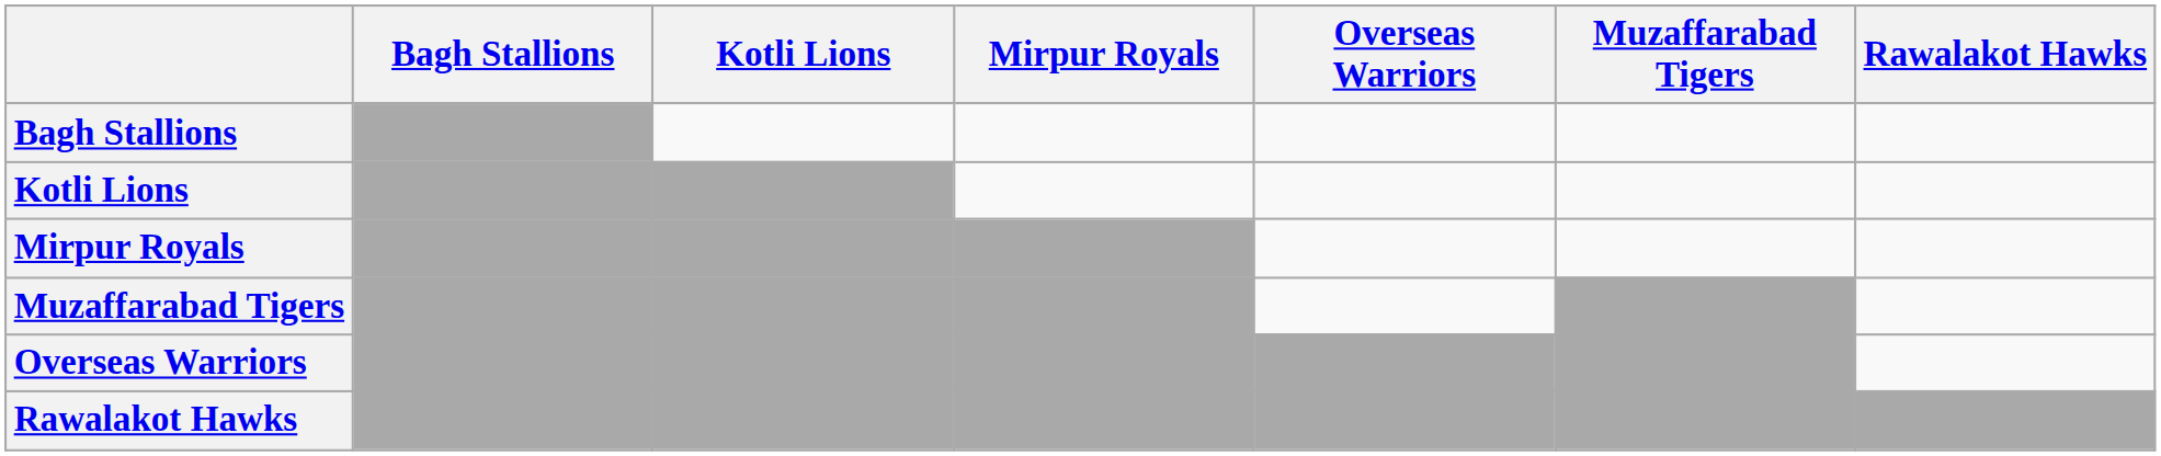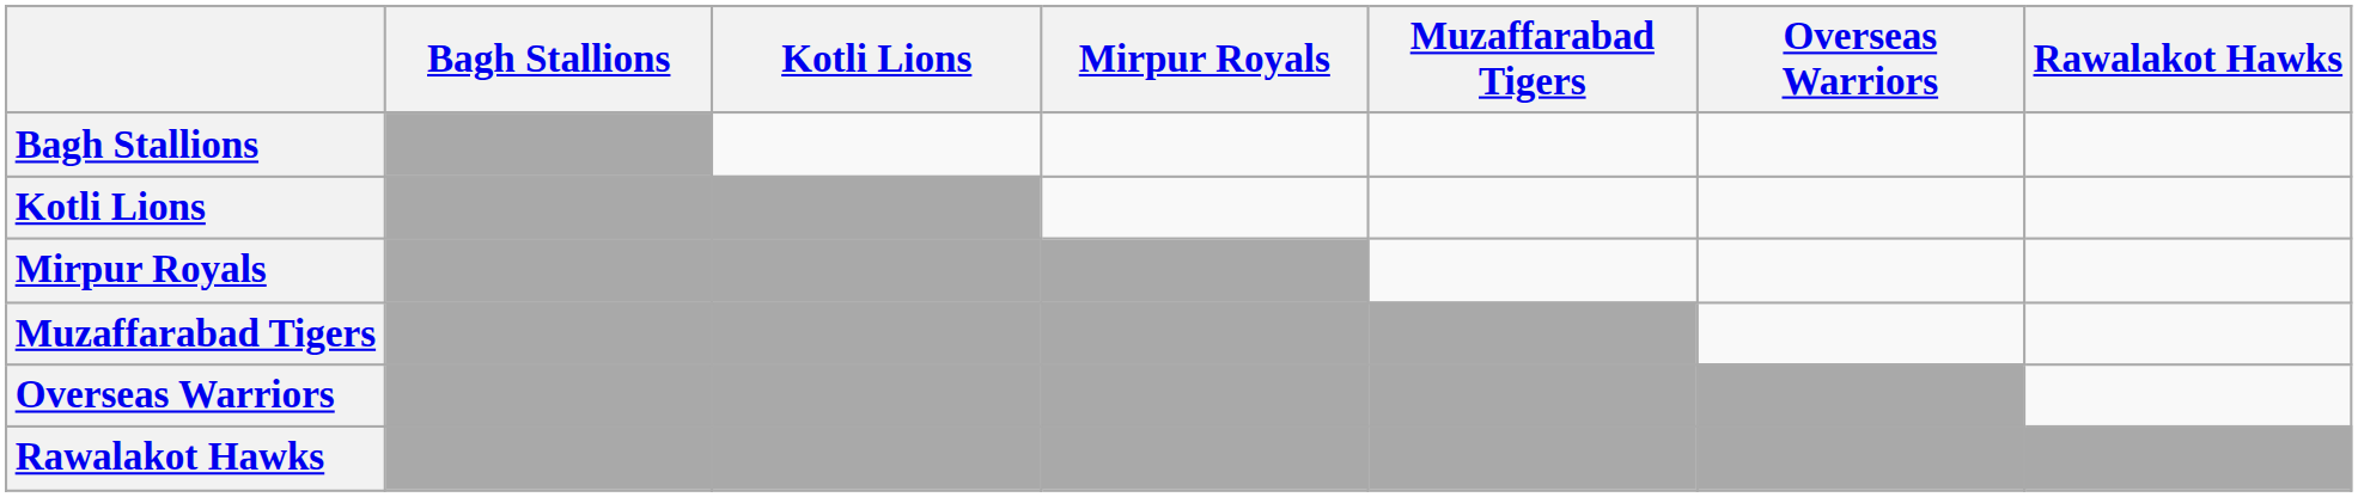 <table class="wikitable">
 <tr>
 <th></th>
 <th width=125px><a href='#'>Bagh Stallions</a></th>
 <th width=125px><a href='#'>Kotli Lions</a></th>
 <th width=125px><a href='#'>Mirpur Royals</a></th>
+<th width=125px><a href='#'>Muzaffarabad Tigers</a></th>
 <th width=125px><a href='#'>Overseas Warriors</a></th>
-<th width=125px><a href='#'>Muzaffarabad Tigers</a></th>
 <th width=125px><a href='#'>Rawalakot Hawks</a></th>
 </tr>
 <tr>
 <th style="text-align: left;"><a href='#'>Bagh Stallions</a></th>
 <td style="background:darkgray"></td>
 <td></td>
 <td></td>
 <td></td>
 <td></td>
 <td></td>
 </tr>
 <tr>
 <th style="text-align: left;"><a href='#'>Kotli Lions</a></th>
 <td style="background:darkgray"></td>
 <td style="background:darkgray"></td>
 <td></td>
 <td></td>
 <td></td>
 <td></td>
 </tr>
 <tr>
 <th style="text-align: left;"><a href='#'>Mirpur Royals</a></th>
 <td style="background:darkgray"></td>
 <td style="background:darkgray"></td>
 <td style="background:darkgray"></td>
 <td></td>
 <td></td>
 <td></td>
 </tr>
 <tr>
 <th style="text-align: left;"><a href='#'>Muzaffarabad Tigers</a></th>
 <td style="background:darkgray"></td>
 <td style="background:darkgray"></td>
 <td style="background:darkgray"></td>
+<td style="background:darkgray"></td>
 <td></td>
-<td style="background:darkgray"></td>
 <td></td>
 </tr>
 <tr>
 <th style="text-align: left;"><a href='#'>Overseas Warriors</a></th>
 <td style="background:darkgray"></td>
 <td style="background:darkgray"></td>
 <td style="background:darkgray"></td>
 <td style="background:darkgray"></td>
 <td style="background:darkgray"></td>
 <td></td>
 </tr>
 <tr>
 <th style="text-align: left;"><a href='#'>Rawalakot Hawks</a></th>
 <td style="background:darkgray"></td>
 <td style="background:darkgray"></td>
 <td style="background:darkgray"></td>
 <td style="background:darkgray"></td>
 <td style="background:darkgray"></td>
 <td style="background:darkgray"></td>
 </tr>
 </table>
